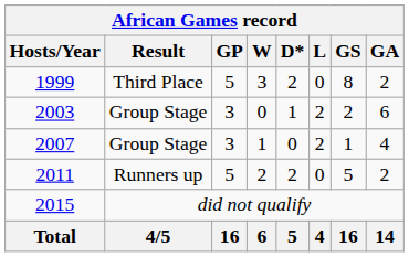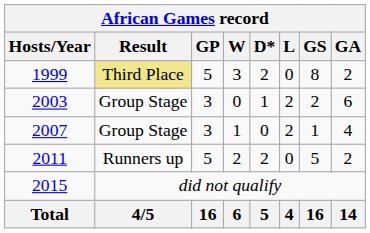 <table class="wikitable" style="text-align: center;">
 <tr>
 <th colspan=9><a href='#'>African Games</a> record</th>
 </tr>
 <tr>
 <th>Hosts/Year</th>
 <th>Result</th>
 <th>GP</th>
 <th>W</th>
 <th>D*</th>
 <th>L</th>
 <th>GS</th>
 <th>GA</th>
 </tr>
 <tr>
 <td> <a href='#'>1999</a></td>
-<td>Third Place</td>
+<td style="background: khaki;">Third Place</td>
 <td>5</td>
 <td>3</td>
 <td>2</td>
 <td>0</td>
 <td>8</td>
 <td>2</td>
 </tr>
 <tr>
 <td> <a href='#'>2003</a></td>
 <td>Group Stage</td>
 <td>3</td>
 <td>0</td>
 <td>1</td>
 <td>2</td>
 <td>2</td>
 <td>6</td>
 </tr>
 <tr>
 <td> <a href='#'>2007</a></td>
 <td>Group Stage</td>
 <td>3</td>
 <td>1</td>
 <td>0</td>
 <td>2</td>
 <td>1</td>
 <td>4</td>
 </tr>
 <tr>
 <td> <a href='#'>2011</a></td>
 <td>Runners up</td>
 <td>5</td>
 <td>2</td>
 <td>2</td>
 <td>0</td>
 <td>5</td>
 <td>2</td>
 </tr>
 <tr>
 <td> <a href='#'>2015</a></td>
 <td colspan=7><em>did not qualify</em></td>
 </tr>
 <tr>
 <th>Total</th>
 <th>4/5</th>
 <th>16</th>
 <th>6</th>
 <th>5</th>
 <th>4</th>
 <th>16</th>
 <th>14</th>
 </tr>
 </table>
